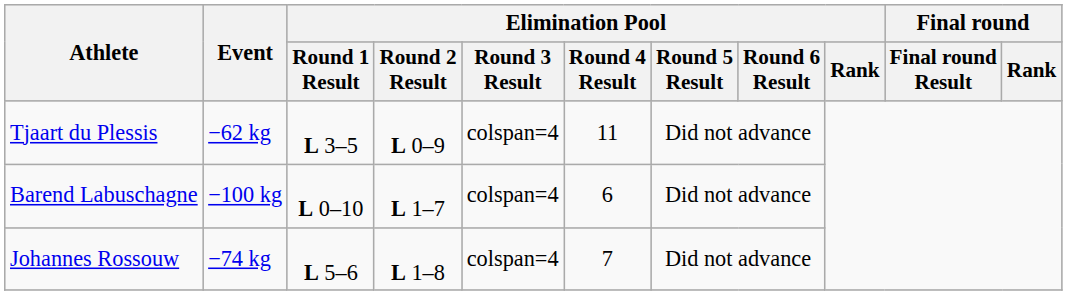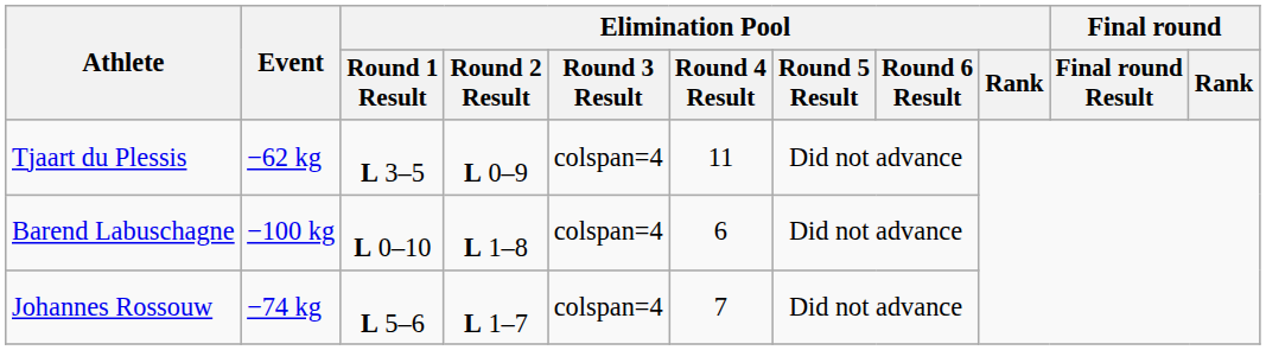 <table class="wikitable" style="font-size:90%">
 <tr>
 <th rowspan="2">Athlete</th>
 <th rowspan="2">Event</th>
 <th colspan=7>Elimination Pool</th>
 <th colspan=2>Final round</th>
 </tr>
 <tr style="font-size: 95%">
 <th>Round 1<br>Result</th>
 <th>Round 2<br>Result</th>
 <th>Round 3<br>Result</th>
 <th>Round 4<br>Result</th>
 <th>Round 5<br>Result</th>
 <th>Round 6<br>Result</th>
 <th>Rank</th>
 <th>Final round<br>Result</th>
 <th>Rank</th>
 </tr>
 <tr align=center>
 <td align=left><a href='#'>Tjaart du Plessis</a></td>
 <td align=left><a href='#'>−62 kg</a></td>
 <td><br><strong>L</strong> 3–5</td>
 <td><br><strong>L</strong> 0–9</td>
 <td>colspan=4 </td>
 <td>11</td>
 <td colspan=2>Did not advance</td>
 </tr>
 <tr align=center>
 <td align=left><a href='#'>Barend Labuschagne</a></td>
 <td align=left><a href='#'>−100 kg</a></td>
 <td><br><strong>L</strong> 0–10</td>
-<td><br><strong>L</strong> 1–7</td>
+<td><br><strong>L</strong> 1–8</td>
 <td>colspan=4 </td>
 <td>6</td>
 <td colspan=2>Did not advance</td>
 </tr>
 <tr align=center>
 <td align=left><a href='#'>Johannes Rossouw</a></td>
 <td align=left><a href='#'>−74 kg</a></td>
 <td><br><strong>L</strong> 5–6</td>
-<td><br><strong>L</strong> 1–8</td>
+<td><br><strong>L</strong> 1–7</td>
 <td>colspan=4 </td>
 <td>7</td>
 <td colspan=2>Did not advance</td>
 </tr>
 </table>
